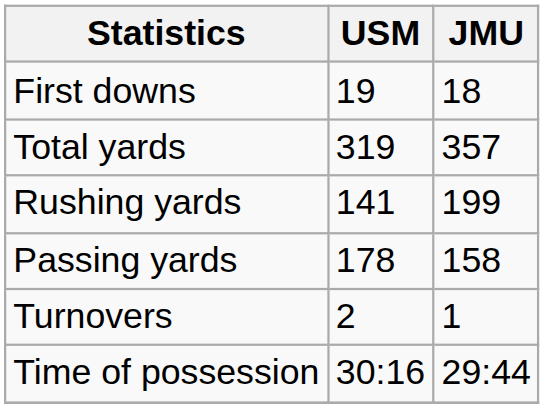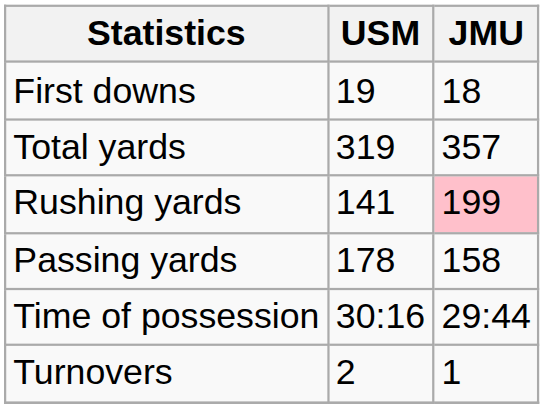 <table class="wikitable" style="float: left;">
 <tr>
 <th>Statistics</th>
 <th>USM</th>
 <th>JMU</th>
 </tr>
 <tr>
 <td>First downs</td>
 <td>19</td>
 <td>18</td>
 </tr>
 <tr>
 <td>Total yards</td>
 <td>319</td>
 <td>357</td>
 </tr>
 <tr>
 <td>Rushing yards</td>
 <td>141</td>
-<td>199</td>
+<td style="background: pink;">199</td>
 </tr>
 <tr>
 <td>Passing yards</td>
 <td>178</td>
 <td>158</td>
 </tr>
 <tr>
+<td>Time of possession</td>
+<td>30:16</td>
+<td>29:44</td>
+</tr>
+<tr>
 <td>Turnovers</td>
 <td>2</td>
 <td>1</td>
 </tr>
 <tr>
-<td>Time of possession</td>
-<td>30:16</td>
-<td>29:44</td>
-</tr>
-<tr>
 </tr>
 </table>
